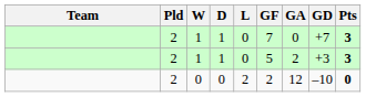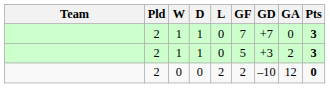 <table class="wikitable" style="text-align: center;">
 <tr>
 <th width="175">Team</th>
 <th width="20">Pld</th>
 <th width="20">W</th>
 <th width="20">D</th>
 <th width="20">L</th>
 <th width="20">GF</th>
+<th width="24">GD</th>
 <th width="20">GA</th>
-<th width="24">GD</th>
 <th width="20">Pts</th>
 </tr>
 <tr bgcolor="ccffcc">
 <td style="text-align:left;"></td>
 <td>2</td>
 <td>1</td>
 <td>1</td>
 <td>0</td>
 <td>7</td>
+<td>+7</td>
 <td>0</td>
-<td>+7</td>
 <td><strong>3</strong></td>
 </tr>
 <tr bgcolor="ccffcc">
 <td style="text-align:left;"></td>
 <td>2</td>
 <td>1</td>
 <td>1</td>
 <td>0</td>
 <td>5</td>
+<td>+3</td>
 <td>2</td>
-<td>+3</td>
 <td><strong>3</strong></td>
 </tr>
 <tr>
 <td style="text-align:left;"></td>
 <td>2</td>
 <td>0</td>
 <td>0</td>
 <td>2</td>
 <td>2</td>
+<td>–10</td>
 <td>12</td>
-<td>–10</td>
 <td><strong>0</strong></td>
 </tr>
 </table>
